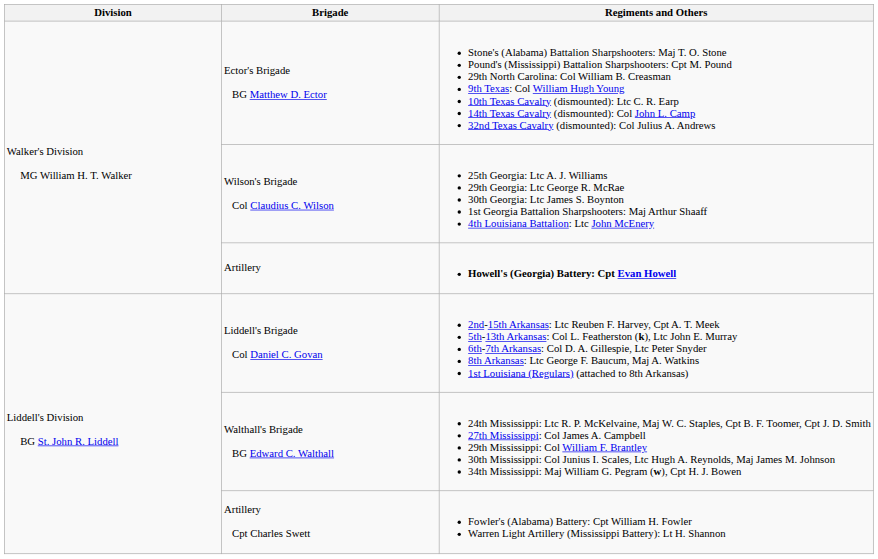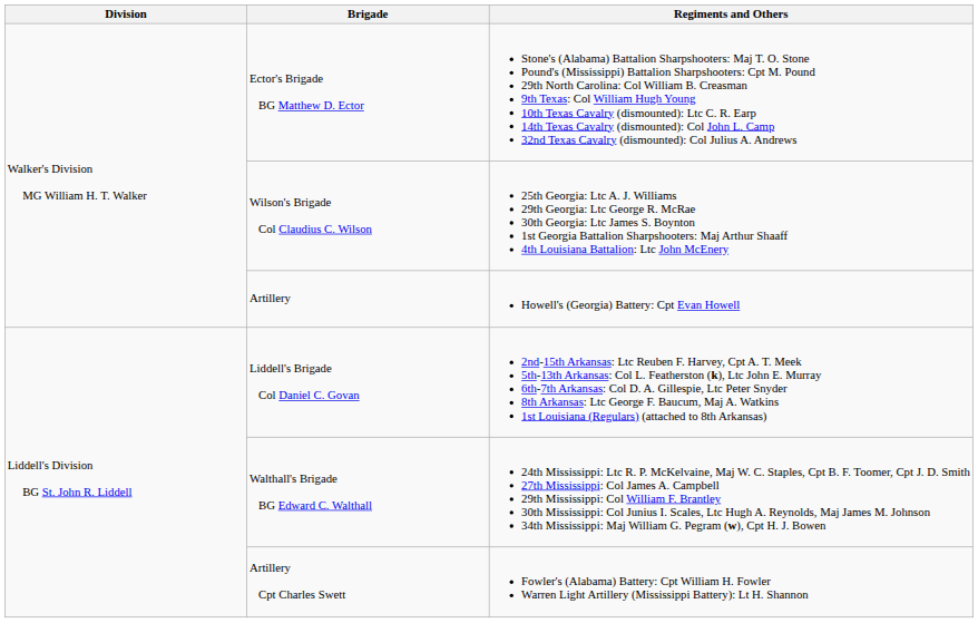 <table class="wikitable">
 <tr>
 <th width=25%>Division</th>
 <th width=25%>Brigade</th>
 <th>Regiments and Others</th>
 </tr>
 <tr>
 <td rowspan=3><br>Walker's Division<br><br>     MG William H. T. Walker</td>
 <td>Ector's Brigade<br><br>   BG <a href='#'>Matthew D. Ector</a></td>
 <td><br><ul><li>Stone's (Alabama) Battalion Sharpshooters: Maj T. O. Stone</li><li>Pound's (Mississippi) Battalion Sharpshooters: Cpt M. Pound</li><li>29th North Carolina: Col William B. Creasman</li><li><a href='#'>9th Texas</a>: Col <a href='#'>William Hugh Young</a></li><li><a href='#'>10th Texas Cavalry</a> (dismounted): Ltc C. R. Earp</li><li><a href='#'>14th Texas Cavalry</a> (dismounted): Col <a href='#'>John L. Camp</a></li><li><a href='#'>32nd Texas Cavalry</a> (dismounted): Col Julius A. Andrews</li></ul></td>
 </tr>
 <tr>
 <td>Wilson's Brigade<br><br>   Col <a href='#'>Claudius C. Wilson</a></td>
 <td><br><ul><li>25th Georgia: Ltc A. J. Williams</li><li>29th Georgia: Ltc George R. McRae</li><li>30th Georgia: Ltc James S. Boynton</li><li>1st Georgia Battalion Sharpshooters: Maj Arthur Shaaff</li><li><a href='#'>4th Louisiana Battalion</a>: Ltc <a href='#'>John McEnery</a></li></ul></td>
 </tr>
 <tr>
 <td>Artillery</td>
-<td><strong><br><ul><li>Howell's (Georgia) Battery: Cpt <a href='#'>Evan Howell</a></li></ul></strong></td>
+<td><br><ul><li>Howell's (Georgia) Battery: Cpt <a href='#'>Evan Howell</a></li></ul></td>
 </tr>
 <tr>
 <td rowspan=3><br>Liddell's Division<br><br>     BG <a href='#'>St. John R. Liddell</a></td>
 <td>Liddell's Brigade<br><br>   Col <a href='#'>Daniel C. Govan</a></td>
 <td><br><ul><li><a href='#'>2nd</a>-<a href='#'>15th Arkansas</a>: Ltc Reuben F. Harvey, Cpt A. T. Meek</li><li><a href='#'>5th</a>-<a href='#'>13th Arkansas</a>: Col L. Featherston (<strong>k</strong>), Ltc John E. Murray</li><li><a href='#'>6th</a>-<a href='#'>7th Arkansas</a>: Col D. A. Gillespie, Ltc Peter Snyder</li><li><a href='#'>8th Arkansas</a>: Ltc George F. Baucum, Maj A. Watkins</li><li><a href='#'>1st Louisiana (Regulars)</a> (attached to 8th Arkansas)</li></ul></td>
 </tr>
 <tr>
 <td>Walthall's Brigade<br><br>   BG <a href='#'>Edward C. Walthall</a></td>
 <td><br><ul><li>24th Mississippi: Ltc R. P. McKelvaine, Maj W. C. Staples, Cpt B. F. Toomer, Cpt J. D. Smith</li><li><a href='#'>27th Mississippi</a>: Col James A. Campbell</li><li>29th Mississippi: Col <a href='#'>William F. Brantley</a></li><li>30th Mississippi: Col Junius I. Scales, Ltc Hugh A. Reynolds, Maj James M. Johnson</li><li>34th Mississippi: Maj William G. Pegram (<strong>w</strong>), Cpt H. J. Bowen</li></ul></td>
 </tr>
 <tr>
 <td>Artillery<br><br>   Cpt Charles Swett</td>
 <td><br><ul><li>Fowler's (Alabama) Battery: Cpt William H. Fowler</li><li>Warren Light Artillery (Mississippi Battery): Lt H. Shannon</li></ul></td>
 </tr>
 </table>
